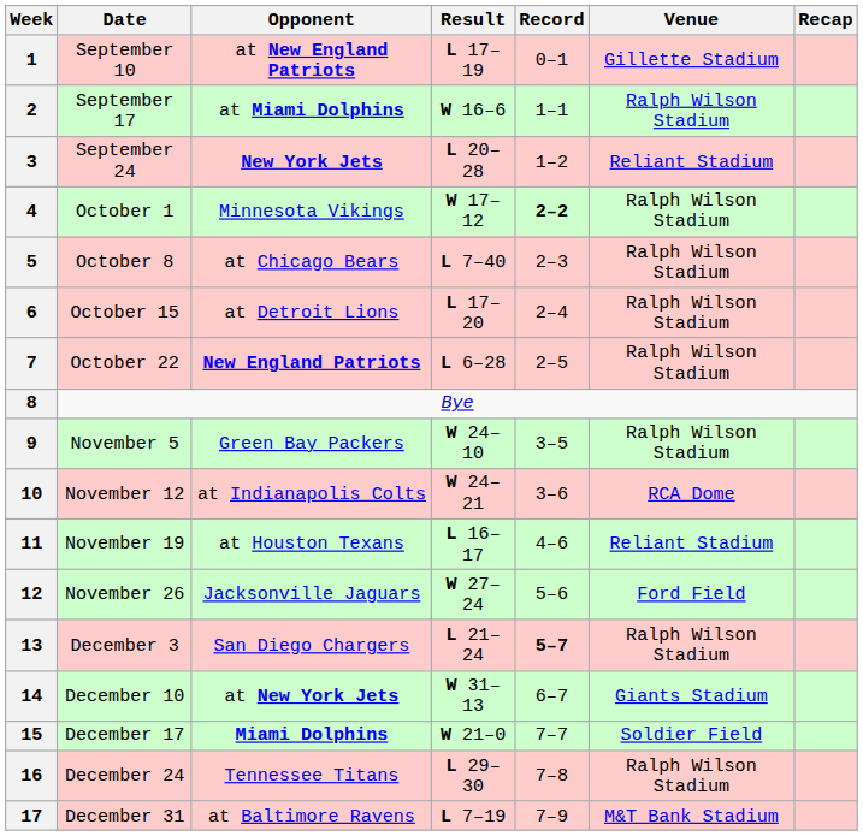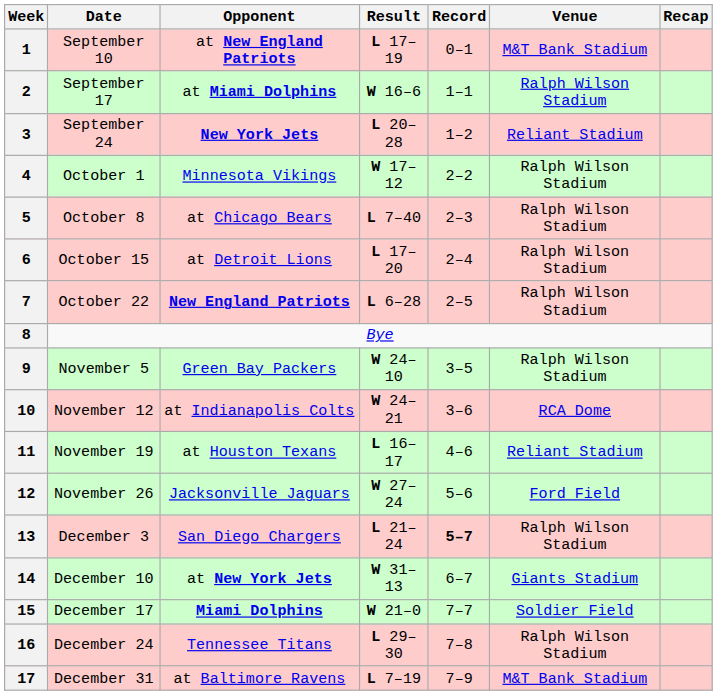 <table class="wikitable" style="text-align:center">
 <tr>
 <th>Week</th>
 <th>Date</th>
 <th>Opponent</th>
 <th>Result</th>
 <th>Record</th>
 <th>Venue</th>
 <th>Recap</th>
 </tr>
 <tr style="background:#fcc">
 <th>1</th>
 <td>September 10</td>
 <td>at <strong><a href='#'>New England Patriots</a></strong></td>
 <td><strong>L</strong> 17–19</td>
 <td>0–1</td>
-<td><a href='#'>Gillette Stadium</a></td>
+<td><a href='#'>M&T Bank Stadium</a></td>
 <td></td>
 </tr>
 <tr style="background:#cfc">
 <th>2</th>
 <td>September 17</td>
 <td>at <strong><a href='#'>Miami Dolphins</a></strong></td>
 <td><strong>W</strong> 16–6</td>
 <td>1–1</td>
 <td><a href='#'>Ralph Wilson Stadium</a></td>
 <td></td>
 </tr>
 <tr style="background:#fcc">
 <th>3</th>
 <td>September 24</td>
 <td><strong><a href='#'>New York Jets</a></strong></td>
 <td><strong>L</strong> 20–28</td>
 <td>1–2</td>
 <td><a href='#'>Reliant Stadium</a></td>
 <td></td>
 </tr>
 <tr style="background:#cfc">
 <th>4</th>
 <td>October 1</td>
 <td><a href='#'>Minnesota Vikings</a></td>
 <td><strong>W</strong> 17–12</td>
-<td><strong>2–2</strong></td>
+<td>2–2</td>
 <td>Ralph Wilson Stadium</td>
 <td></td>
 </tr>
 <tr style="background:#fcc">
 <th>5</th>
 <td>October 8</td>
 <td>at <a href='#'>Chicago Bears</a></td>
 <td><strong>L</strong> 7–40</td>
 <td>2–3</td>
 <td>Ralph Wilson Stadium</td>
 <td></td>
 </tr>
 <tr style="background:#fcc">
 <th>6</th>
 <td>October 15</td>
 <td>at <a href='#'>Detroit Lions</a></td>
 <td><strong>L</strong> 17–20</td>
 <td>2–4</td>
 <td>Ralph Wilson Stadium</td>
 <td></td>
 </tr>
 <tr style="background:#fcc">
 <th>7</th>
 <td>October 22</td>
 <td><strong><a href='#'>New England Patriots</a></strong></td>
 <td><strong>L</strong> 6–28</td>
 <td>2–5</td>
 <td>Ralph Wilson Stadium</td>
 <td></td>
 </tr>
 <tr>
 <th>8</th>
 <td colspan="6"><em><a href='#'>Bye</a></em></td>
 </tr>
 <tr style="background:#cfc">
 <th>9</th>
 <td>November 5</td>
 <td><a href='#'>Green Bay Packers</a></td>
 <td><strong>W</strong> 24–10</td>
 <td>3–5</td>
 <td>Ralph Wilson Stadium</td>
 <td></td>
 </tr>
 <tr style="background:#fcc">
 <th>10</th>
 <td>November 12</td>
 <td>at <a href='#'>Indianapolis Colts</a></td>
 <td><strong>W</strong> 24–21</td>
 <td>3–6</td>
 <td><a href='#'>RCA Dome</a></td>
 <td></td>
 </tr>
 <tr style="background:#cfc">
 <th>11</th>
 <td>November 19</td>
 <td>at <a href='#'>Houston Texans</a></td>
 <td><strong>L</strong> 16–17</td>
 <td>4–6</td>
 <td><a href='#'>Reliant Stadium</a></td>
 <td></td>
 </tr>
 <tr style="background:#cfc">
 <th>12</th>
 <td>November 26</td>
 <td><a href='#'>Jacksonville Jaguars</a></td>
 <td><strong>W</strong> 27–24</td>
 <td>5–6</td>
 <td><a href='#'>Ford Field</a></td>
 <td></td>
 </tr>
 <tr style="background:#fcc">
 <th>13</th>
 <td>December 3</td>
 <td><a href='#'>San Diego Chargers</a></td>
 <td><strong>L</strong> 21–24</td>
 <td><strong>5–7</strong></td>
 <td>Ralph Wilson Stadium</td>
 <td></td>
 </tr>
 <tr style="background:#cfc">
 <th>14</th>
 <td>December 10</td>
 <td>at <strong><a href='#'>New York Jets</a></strong></td>
 <td><strong>W</strong> 31–13</td>
 <td>6–7</td>
 <td><a href='#'>Giants Stadium</a></td>
 <td></td>
 </tr>
 <tr style="background:#cfc">
 <th>15</th>
 <td>December 17</td>
 <td><strong><a href='#'>Miami Dolphins</a></strong></td>
 <td><strong>W</strong> 21–0</td>
 <td>7–7</td>
 <td><a href='#'>Soldier Field</a></td>
 <td></td>
 </tr>
 <tr style="background:#fcc">
 <th>16</th>
 <td>December 24</td>
 <td><a href='#'>Tennessee Titans</a></td>
 <td><strong>L</strong> 29–30</td>
 <td>7–8</td>
 <td>Ralph Wilson Stadium</td>
 <td></td>
 </tr>
 <tr style="background:#fcc">
 <th>17</th>
 <td>December 31</td>
 <td>at <a href='#'>Baltimore Ravens</a></td>
 <td><strong>L</strong> 7–19</td>
 <td>7–9</td>
 <td><a href='#'>M&T Bank Stadium</a></td>
 <td></td>
 </tr>
 </table>
